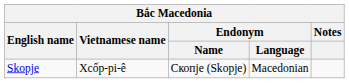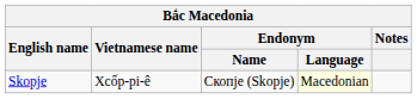 <table class="wikitable sortable">
 <tr>
 <th colspan="5"> Bắc Macedonia</th>
 </tr>
 <tr>
 <th rowspan="2">English name</th>
 <th rowspan="2">Vietnamese name</th>
 <th colspan="2">Endonym</th>
 <th>Notes</th>
 </tr>
 <tr>
 <th>Name</th>
 <th>Language</th>
 <th></th>
 </tr>
 <tr>
 <td><a href='#'>Skopje</a></td>
 <td>Xcốp-pi-ê</td>
 <td>Скопје (Skopje)</td>
-<td>Macedonian</td>
+<td style="background: lightyellow;">Macedonian</td>
 </tr>
 </table>
